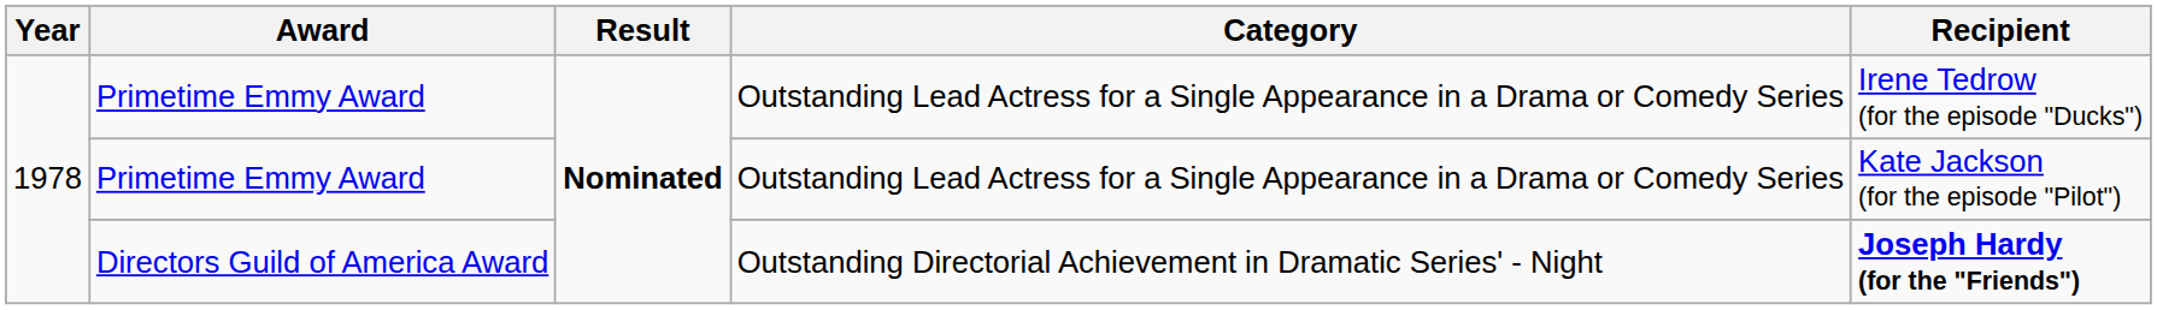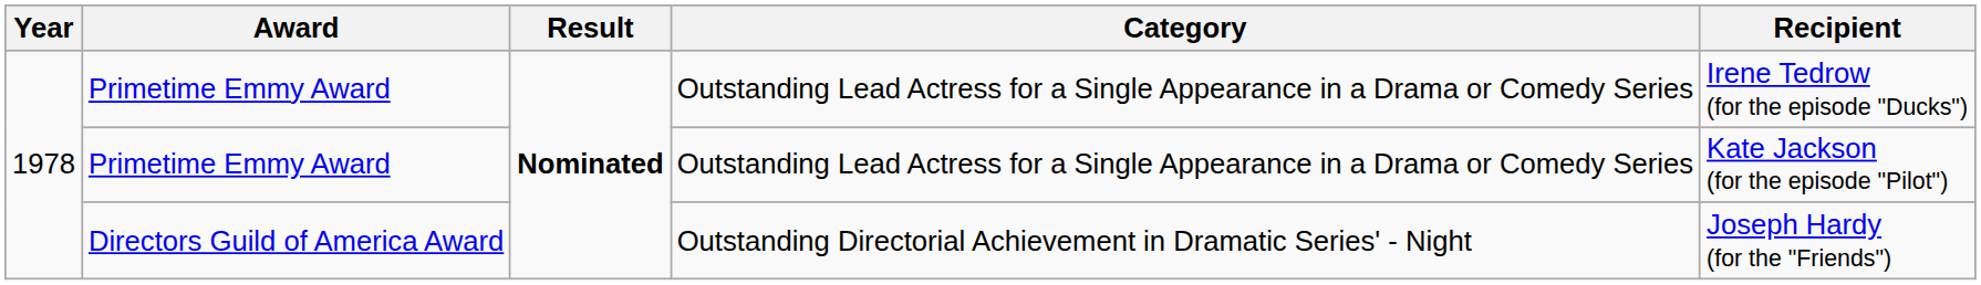 <table class="wikitable" style="font-size: 90%;">
 <tr>
 <th>Year</th>
 <th>Award</th>
 <th>Result</th>
 <th>Category</th>
 <th>Recipient</th>
 </tr>
 <tr>
 <td rowspan=3>1978</td>
 <td><a href='#'>Primetime Emmy Award</a></td>
 <td rowspan=3><strong>Nominated</strong></td>
 <td>Outstanding Lead Actress for a Single Appearance in a Drama or Comedy Series</td>
 <td><a href='#'>Irene Tedrow</a><br><small>(for the episode "Ducks")</small></td>
 </tr>
 <tr>
 <td><a href='#'>Primetime Emmy Award</a></td>
 <td>Outstanding Lead Actress for a Single Appearance in a Drama or Comedy Series</td>
 <td><a href='#'>Kate Jackson</a><br><small>(for the episode "Pilot")</small></td>
 </tr>
 <tr>
 <td><a href='#'>Directors Guild of America Award</a></td>
 <td>Outstanding Directorial Achievement in Dramatic Series' - Night</td>
-<td><strong><a href='#'>Joseph Hardy</a><br><small>(for the "Friends")</small></strong></td>
+<td><a href='#'>Joseph Hardy</a><br><small>(for the "Friends")</small></td>
 </tr>
 </table>
